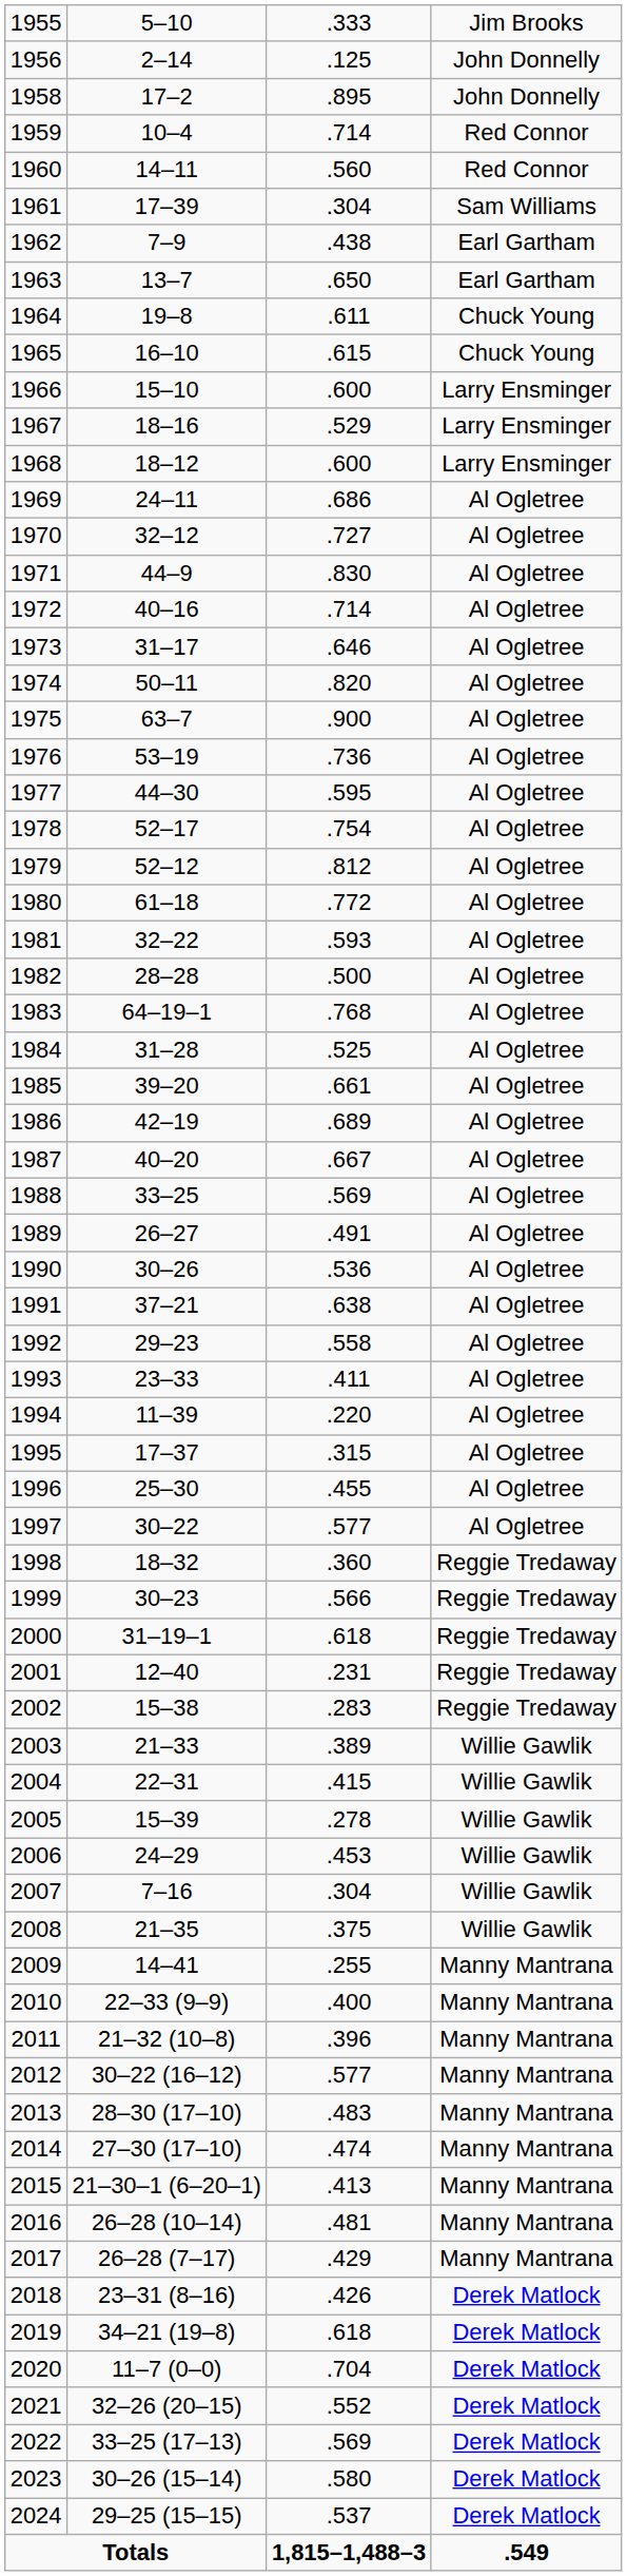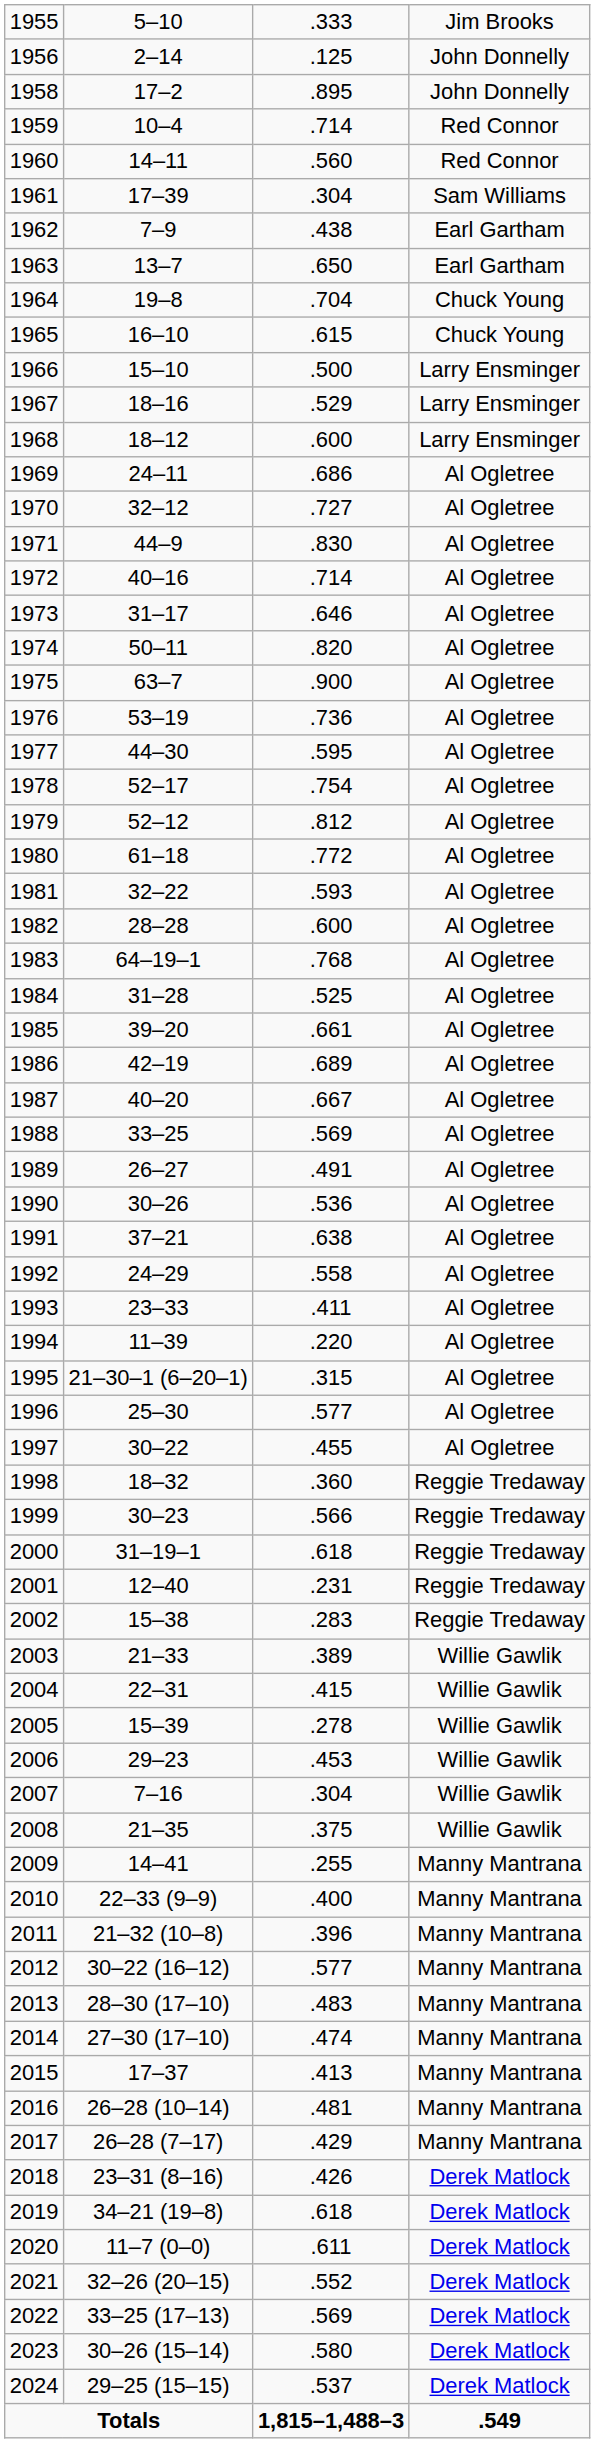 <table class="wikitable" style="text-align:center">
 <tr>
 <td>1955</td>
 <td>5–10</td>
 <td>.333</td>
 <td>Jim Brooks</td>
 </tr>
 <tr>
 <td>1956</td>
 <td>2–14</td>
 <td>.125</td>
 <td>John Donnelly</td>
 </tr>
 <tr>
 <td>1958</td>
 <td>17–2</td>
 <td>.895</td>
 <td>John Donnelly</td>
 </tr>
 <tr>
 <td>1959</td>
 <td>10–4</td>
 <td>.714</td>
 <td>Red Connor</td>
 </tr>
 <tr>
 <td>1960</td>
 <td>14–11</td>
 <td>.560</td>
 <td>Red Connor</td>
 </tr>
 <tr>
 <td>1961</td>
 <td>17–39</td>
 <td>.304</td>
 <td>Sam Williams</td>
 </tr>
 <tr>
 <td>1962</td>
 <td>7–9</td>
 <td>.438</td>
 <td>Earl Gartham</td>
 </tr>
 <tr>
 <td>1963</td>
 <td>13–7</td>
 <td>.650</td>
 <td>Earl Gartham</td>
 </tr>
 <tr>
 <td>1964</td>
 <td>19–8</td>
-<td>.611</td>
+<td>.704</td>
 <td>Chuck Young</td>
 </tr>
 <tr>
 <td>1965</td>
 <td>16–10</td>
 <td>.615</td>
 <td>Chuck Young</td>
 </tr>
 <tr>
 <td>1966</td>
 <td>15–10</td>
-<td>.600</td>
+<td>.500</td>
 <td>Larry Ensminger</td>
 </tr>
 <tr>
 <td>1967</td>
 <td>18–16</td>
 <td>.529</td>
 <td>Larry Ensminger</td>
 </tr>
 <tr>
 <td>1968</td>
 <td>18–12</td>
 <td>.600</td>
 <td>Larry Ensminger</td>
 </tr>
 <tr>
 <td>1969</td>
 <td>24–11</td>
 <td>.686</td>
 <td>Al Ogletree</td>
 </tr>
 <tr>
 <td>1970</td>
 <td>32–12</td>
 <td>.727</td>
 <td>Al Ogletree</td>
 </tr>
 <tr>
 <td>1971</td>
 <td>44–9</td>
 <td>.830</td>
 <td>Al Ogletree</td>
 </tr>
 <tr>
 <td>1972</td>
 <td>40–16</td>
 <td>.714</td>
 <td>Al Ogletree</td>
 </tr>
 <tr>
 <td>1973</td>
 <td>31–17</td>
 <td>.646</td>
 <td>Al Ogletree</td>
 </tr>
 <tr>
 <td>1974</td>
 <td>50–11</td>
 <td>.820</td>
 <td>Al Ogletree</td>
 </tr>
 <tr>
 <td>1975</td>
 <td>63–7</td>
 <td>.900</td>
 <td>Al Ogletree</td>
 </tr>
 <tr>
 <td>1976</td>
 <td>53–19</td>
 <td>.736</td>
 <td>Al Ogletree</td>
 </tr>
 <tr>
 <td>1977</td>
 <td>44–30</td>
 <td>.595</td>
 <td>Al Ogletree</td>
 </tr>
 <tr>
 <td>1978</td>
 <td>52–17</td>
 <td>.754</td>
 <td>Al Ogletree</td>
 </tr>
 <tr>
 <td>1979</td>
 <td>52–12</td>
 <td>.812</td>
 <td>Al Ogletree</td>
 </tr>
 <tr>
 <td>1980</td>
 <td>61–18</td>
 <td>.772</td>
 <td>Al Ogletree</td>
 </tr>
 <tr>
 <td>1981</td>
 <td>32–22</td>
 <td>.593</td>
 <td>Al Ogletree</td>
 </tr>
 <tr>
 <td>1982</td>
 <td>28–28</td>
-<td>.500</td>
+<td>.600</td>
 <td>Al Ogletree</td>
 </tr>
 <tr>
 <td>1983</td>
 <td>64–19–1</td>
 <td>.768</td>
 <td>Al Ogletree</td>
 </tr>
 <tr>
 <td>1984</td>
 <td>31–28</td>
 <td>.525</td>
 <td>Al Ogletree</td>
 </tr>
 <tr>
 <td>1985</td>
 <td>39–20</td>
 <td>.661</td>
 <td>Al Ogletree</td>
 </tr>
 <tr>
 <td>1986</td>
 <td>42–19</td>
 <td>.689</td>
 <td>Al Ogletree</td>
 </tr>
 <tr>
 <td>1987</td>
 <td>40–20</td>
 <td>.667</td>
 <td>Al Ogletree</td>
 </tr>
 <tr>
 <td>1988</td>
 <td>33–25</td>
 <td>.569</td>
 <td>Al Ogletree</td>
 </tr>
 <tr>
 <td>1989</td>
 <td>26–27</td>
 <td>.491</td>
 <td>Al Ogletree</td>
 </tr>
 <tr>
 <td>1990</td>
 <td>30–26</td>
 <td>.536</td>
 <td>Al Ogletree</td>
 </tr>
 <tr>
 <td>1991</td>
 <td>37–21</td>
 <td>.638</td>
 <td>Al Ogletree</td>
 </tr>
 <tr>
 <td>1992</td>
-<td>29–23</td>
+<td>24–29</td>
 <td>.558</td>
 <td>Al Ogletree</td>
 </tr>
 <tr>
 <td>1993</td>
 <td>23–33</td>
 <td>.411</td>
 <td>Al Ogletree</td>
 </tr>
 <tr>
 <td>1994</td>
 <td>11–39</td>
 <td>.220</td>
 <td>Al Ogletree</td>
 </tr>
 <tr>
 <td>1995</td>
-<td>17–37</td>
+<td>21–30–1 (6–20–1)</td>
 <td>.315</td>
 <td>Al Ogletree</td>
 </tr>
 <tr>
 <td>1996</td>
 <td>25–30</td>
-<td>.455</td>
+<td>.577</td>
 <td>Al Ogletree</td>
 </tr>
 <tr>
 <td>1997</td>
 <td>30–22</td>
-<td>.577</td>
+<td>.455</td>
 <td>Al Ogletree</td>
 </tr>
 <tr>
 <td>1998</td>
 <td>18–32</td>
 <td>.360</td>
 <td>Reggie Tredaway</td>
 </tr>
 <tr>
 <td>1999</td>
 <td>30–23</td>
 <td>.566</td>
 <td>Reggie Tredaway</td>
 </tr>
 <tr>
 <td>2000</td>
 <td>31–19–1</td>
 <td>.618</td>
 <td>Reggie Tredaway</td>
 </tr>
 <tr>
 <td>2001</td>
 <td>12–40</td>
 <td>.231</td>
 <td>Reggie Tredaway</td>
 </tr>
 <tr>
 <td>2002</td>
 <td>15–38</td>
 <td>.283</td>
 <td>Reggie Tredaway</td>
 </tr>
 <tr>
 <td>2003</td>
 <td>21–33</td>
 <td>.389</td>
 <td>Willie Gawlik</td>
 </tr>
 <tr>
 <td>2004</td>
 <td>22–31</td>
 <td>.415</td>
 <td>Willie Gawlik</td>
 </tr>
 <tr>
 <td>2005</td>
 <td>15–39</td>
 <td>.278</td>
 <td>Willie Gawlik</td>
 </tr>
 <tr>
 <td>2006</td>
-<td>24–29</td>
+<td>29–23</td>
 <td>.453</td>
 <td>Willie Gawlik</td>
 </tr>
 <tr>
 <td>2007</td>
 <td>7–16</td>
 <td>.304</td>
 <td>Willie Gawlik</td>
 </tr>
 <tr>
 <td>2008</td>
 <td>21–35</td>
 <td>.375</td>
 <td>Willie Gawlik</td>
 </tr>
 <tr>
 <td>2009</td>
 <td>14–41</td>
 <td>.255</td>
 <td>Manny Mantrana</td>
 </tr>
 <tr>
 <td>2010</td>
 <td>22–33 (9–9)</td>
 <td>.400</td>
 <td>Manny Mantrana</td>
 </tr>
 <tr>
 <td>2011</td>
 <td>21–32 (10–8)</td>
 <td>.396</td>
 <td>Manny Mantrana</td>
 </tr>
 <tr>
 <td>2012</td>
 <td>30–22 (16–12)</td>
 <td>.577</td>
 <td>Manny Mantrana</td>
 </tr>
 <tr>
 <td>2013</td>
 <td>28–30 (17–10)</td>
 <td>.483</td>
 <td>Manny Mantrana</td>
 </tr>
 <tr>
 <td>2014</td>
 <td>27–30 (17–10)</td>
 <td>.474</td>
 <td>Manny Mantrana</td>
 </tr>
 <tr>
 <td>2015</td>
-<td>21–30–1 (6–20–1)</td>
+<td>17–37</td>
 <td>.413</td>
 <td>Manny Mantrana</td>
 </tr>
 <tr>
 <td>2016</td>
 <td>26–28 (10–14)</td>
 <td>.481</td>
 <td>Manny Mantrana</td>
 </tr>
 <tr>
 <td>2017</td>
 <td>26–28 (7–17)</td>
 <td>.429</td>
 <td>Manny Mantrana</td>
 </tr>
 <tr>
 <td>2018</td>
 <td>23–31 (8–16)</td>
 <td>.426</td>
 <td><a href='#'>Derek Matlock</a></td>
 </tr>
 <tr>
 <td>2019</td>
 <td>34–21	(19–8)</td>
 <td>.618</td>
 <td><a href='#'>Derek Matlock</a></td>
 </tr>
 <tr>
 <td>2020</td>
 <td>11–7 (0–0)</td>
-<td>.704</td>
+<td>.611</td>
 <td><a href='#'>Derek Matlock</a></td>
 </tr>
 <tr>
 <td>2021</td>
 <td>32–26 (20–15)</td>
 <td>.552</td>
 <td><a href='#'>Derek Matlock</a></td>
 </tr>
 <tr>
 <td>2022</td>
 <td>33–25 (17–13)</td>
 <td>.569</td>
 <td><a href='#'>Derek Matlock</a></td>
 </tr>
 <tr>
 <td>2023</td>
 <td>30–26 (15–14)</td>
 <td>.580</td>
 <td><a href='#'>Derek Matlock</a></td>
 </tr>
 <tr>
 <td>2024</td>
 <td>29–25 (15–15)</td>
 <td>.537</td>
 <td><a href='#'>Derek Matlock</a></td>
 </tr>
 <tr>
 <td colspan=2><strong>Totals</strong></td>
 <td><strong>1,815–1,488–3</strong></td>
 <td><strong>.549</strong></td>
 </tr>
 </table>
